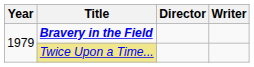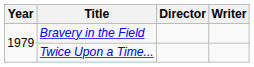 <table class="wikitable">
 <tr>
 <th>Year</th>
 <th>Title</th>
 <th>Director</th>
 <th>Writer</th>
 </tr>
 <tr>
 <td rowspan=2>1979</td>
-<td><strong><em><a href='#'>Bravery in the Field</a></em></strong></td>
+<td><em><a href='#'>Bravery in the Field</a></em></td>
 <td></td>
 <td></td>
 </tr>
 <tr>
-<td style="background: khaki;"><em><a href='#'>Twice Upon a Time...</a></em></td>
+<td><em><a href='#'>Twice Upon a Time...</a></em></td>
 <td></td>
 <td></td>
 </tr>
 </table>
